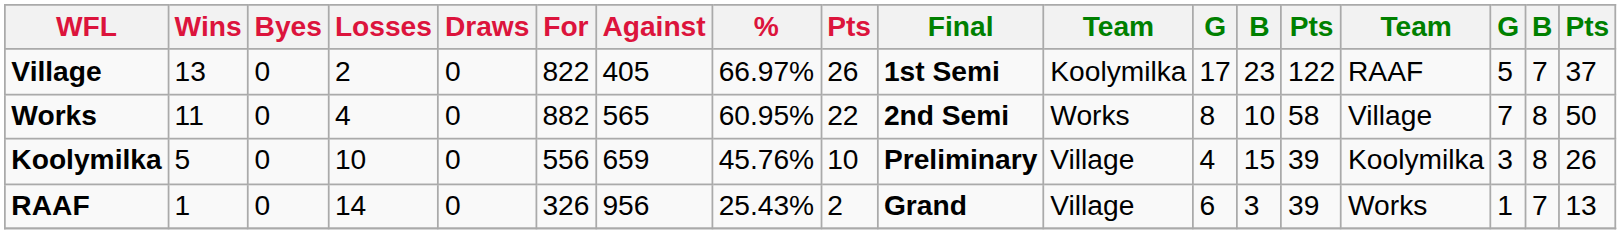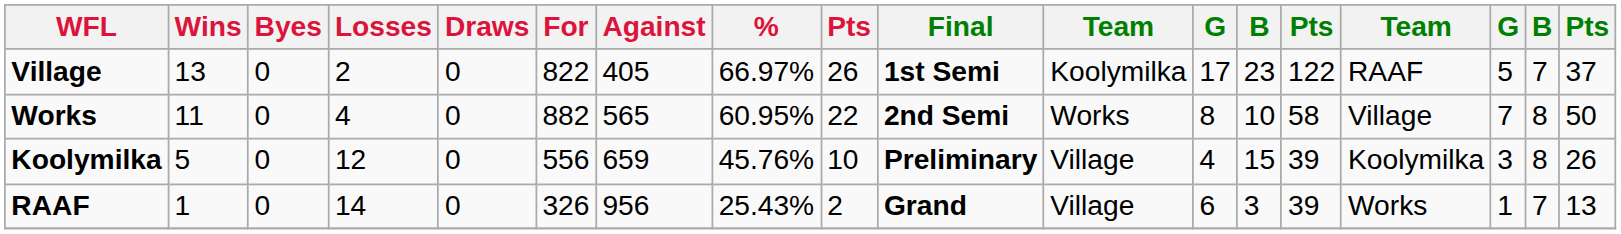 <table class="wikitable">
 <tr>
 <th style="color:crimson">WFL</th>
 <th style="color:crimson">Wins</th>
 <th style="color:crimson">Byes</th>
 <th style="color:crimson">Losses</th>
 <th style="color:crimson">Draws</th>
 <th style="color:crimson">For</th>
 <th style="color:crimson">Against</th>
 <th style="color:crimson">%</th>
 <th style="color:crimson">Pts</th>
 <th style="color:green">Final</th>
 <th style="color:green">Team</th>
 <th style="color:green">G</th>
 <th style="color:green">B</th>
 <th style="color:green">Pts</th>
 <th style="color:green">Team</th>
 <th style="color:green">G</th>
 <th style="color:green">B</th>
 <th style="color:green">Pts</th>
 </tr>
 <tr>
 <td><strong>	Village	</strong></td>
 <td>13</td>
 <td>0</td>
 <td>2</td>
 <td>0</td>
 <td>822</td>
 <td>405</td>
 <td>66.97%</td>
 <td>26</td>
 <td><strong>1st Semi</strong></td>
 <td>Koolymilka</td>
 <td>17</td>
 <td>23</td>
 <td>122</td>
 <td>RAAF</td>
 <td>5</td>
 <td>7</td>
 <td>37</td>
 </tr>
 <tr>
 <td><strong>	Works	</strong></td>
 <td>11</td>
 <td>0</td>
 <td>4</td>
 <td>0</td>
 <td>882</td>
 <td>565</td>
 <td>60.95%</td>
 <td>22</td>
 <td><strong>2nd Semi</strong></td>
 <td>Works</td>
 <td>8</td>
 <td>10</td>
 <td>58</td>
 <td>Village</td>
 <td>7</td>
 <td>8</td>
 <td>50</td>
 </tr>
 <tr>
 <td><strong>	Koolymilka	</strong></td>
 <td>5</td>
 <td>0</td>
-<td>10</td>
+<td>12</td>
 <td>0</td>
 <td>556</td>
 <td>659</td>
 <td>45.76%</td>
 <td>10</td>
 <td><strong>Preliminary</strong></td>
 <td>Village</td>
 <td>4</td>
 <td>15</td>
 <td>39</td>
 <td>Koolymilka</td>
 <td>3</td>
 <td>8</td>
 <td>26</td>
 </tr>
 <tr>
 <td><strong>	RAAF	</strong></td>
 <td>1</td>
 <td>0</td>
 <td>14</td>
 <td>0</td>
 <td>326</td>
 <td>956</td>
 <td>25.43%</td>
 <td>2</td>
 <td><strong>Grand</strong></td>
 <td>Village</td>
 <td>6</td>
 <td>3</td>
 <td>39</td>
 <td>Works</td>
 <td>1</td>
 <td>7</td>
 <td>13</td>
 </tr>
 <tr>
 </tr>
 </table>
